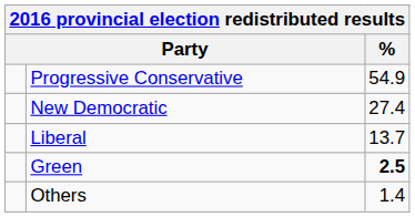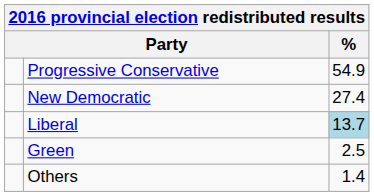 <table class="wikitable">
 <tr>
 <th colspan="4"><a href='#'>2016 provincial election</a> redistributed results</th>
 </tr>
 <tr>
 <th bgcolor="#DDDDFF" width="130px" colspan="2">Party</th>
 <th bgcolor="#DDDDFF" width="30px">%</th>
 </tr>
 <tr>
 <td> </td>
 <td><a href='#'>Progressive Conservative</a></td>
 <td align=right>54.9</td>
 </tr>
 <tr>
 <td> </td>
 <td><a href='#'>New Democratic</a></td>
 <td align=right>27.4</td>
 </tr>
 <tr>
 <td> </td>
 <td><a href='#'>Liberal</a></td>
-<td align=right>13.7</td>
+<td align=right style="background: lightblue;">13.7</td>
 </tr>
 <tr>
 <td> </td>
 <td><a href='#'>Green</a></td>
-<td align=right><strong>2.5</strong></td>
+<td align=right>2.5</td>
 </tr>
 <tr>
 <td> </td>
 <td>Others</td>
 <td align=right>1.4</td>
 </tr>
 </table>
